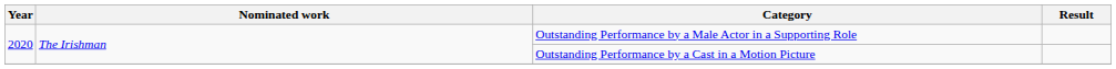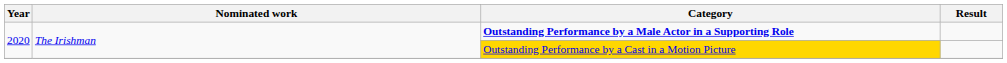 <table class="wikitable sortable">
 <tr>
 <th scope="col" style="width:1em;">Year</th>
 <th scope="col" style="width:39em;">Nominated work</th>
 <th scope="col" style="width:40em;">Category</th>
 <th scope="col" style="width:5em;">Result</th>
 </tr>
 <tr>
 <td rowspan="2"><a href='#'>2020</a></td>
 <td rowspan="2"><em><a href='#'>The Irishman</a></em></td>
-<td><a href='#'>Outstanding Performance by a Male Actor in a Supporting Role</a></td>
+<td><strong><a href='#'>Outstanding Performance by a Male Actor in a Supporting Role</a></strong></td>
 <td></td>
 </tr>
 <tr>
-<td><a href='#'>Outstanding Performance by a Cast in a Motion Picture</a></td>
+<td style="background: gold;"><a href='#'>Outstanding Performance by a Cast in a Motion Picture</a></td>
 <td></td>
 </tr>
 <tr>
 </tr>
 </table>
